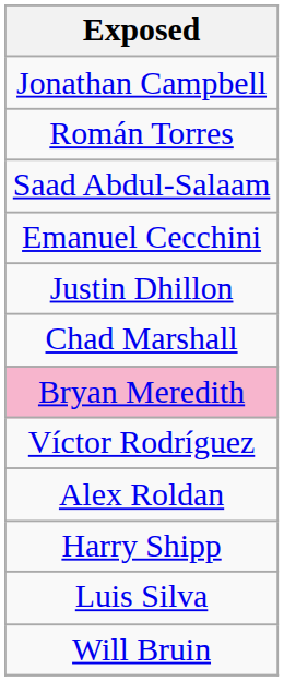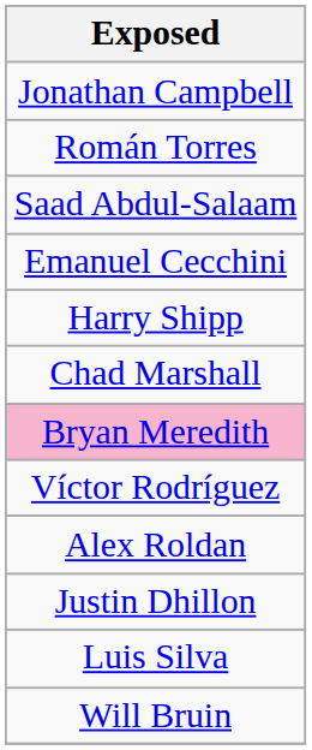 <table class="wikitable" style="text-align:center">
 <tr>
 <th>Exposed</th>
 </tr>
 <tr>
 <td><a href='#'>Jonathan Campbell</a></td>
 </tr>
 <tr>
 <td><a href='#'>Román Torres</a></td>
 </tr>
 <tr>
 <td><a href='#'>Saad Abdul-Salaam</a></td>
 </tr>
 <tr>
 <td><a href='#'>Emanuel Cecchini</a></td>
 </tr>
 <tr>
-<td><a href='#'>Justin Dhillon</a></td>
+<td><a href='#'>Harry Shipp</a></td>
 </tr>
 <tr>
 <td><a href='#'>Chad Marshall</a></td>
 </tr>
 <tr>
 <td style="background: #f7b5cd"><a href='#'>Bryan Meredith</a></td>
 </tr>
 <tr>
 <td><a href='#'>Víctor Rodríguez</a></td>
 </tr>
 <tr>
 <td><a href='#'>Alex Roldan</a></td>
 </tr>
 <tr>
-<td><a href='#'>Harry Shipp</a></td>
+<td><a href='#'>Justin Dhillon</a></td>
 </tr>
 <tr>
 <td><a href='#'>Luis Silva</a></td>
 </tr>
 <tr>
 <td><a href='#'>Will Bruin</a></td>
 </tr>
 <tr>
 </tr>
 </table>
